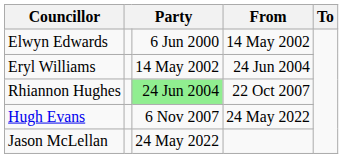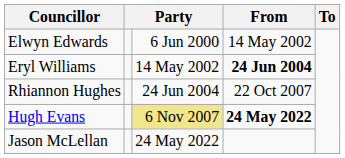 <table class=wikitable>
 <tr>
 <th>Councillor</th>
 <th colspan=2>Party</th>
 <th>From</th>
 <th>To</th>
 </tr>
 <tr>
 <td>Elwyn Edwards</td>
 <td></td>
 <td align=right>6 Jun 2000</td>
 <td align=right>14 May 2002</td>
 </tr>
 <tr>
 <td>Eryl Williams</td>
 <td></td>
 <td align=right>14 May 2002</td>
-<td align=right>24 Jun 2004</td>
+<td align=right><strong>24 Jun 2004</strong></td>
 </tr>
 <tr>
 <td>Rhiannon Hughes</td>
 <td></td>
-<td align=right style="background: lightgreen;">24 Jun 2004</td>
+<td align=right>24 Jun 2004</td>
 <td align=right>22 Oct 2007</td>
 </tr>
 <tr>
 <td><a href='#'>Hugh Evans</a></td>
 <td></td>
-<td align=right>6 Nov 2007</td>
-<td align=right>24 May 2022</td>
+<td align=right style="background: khaki;">6 Nov 2007</td>
+<td align=right><strong>24 May 2022</strong></td>
 </tr>
 <tr>
 <td>Jason McLellan</td>
 <td></td>
 <td align=right>24 May 2022</td>
 <td align=right></td>
 </tr>
 </table>
